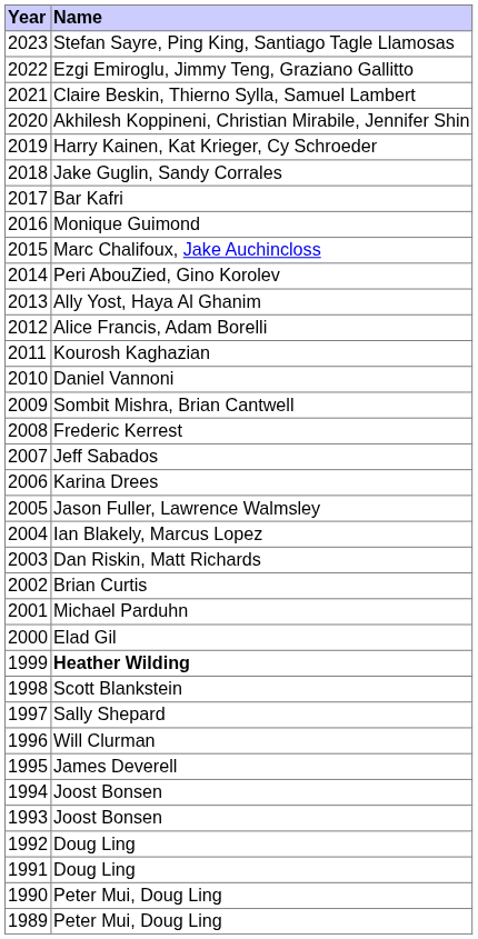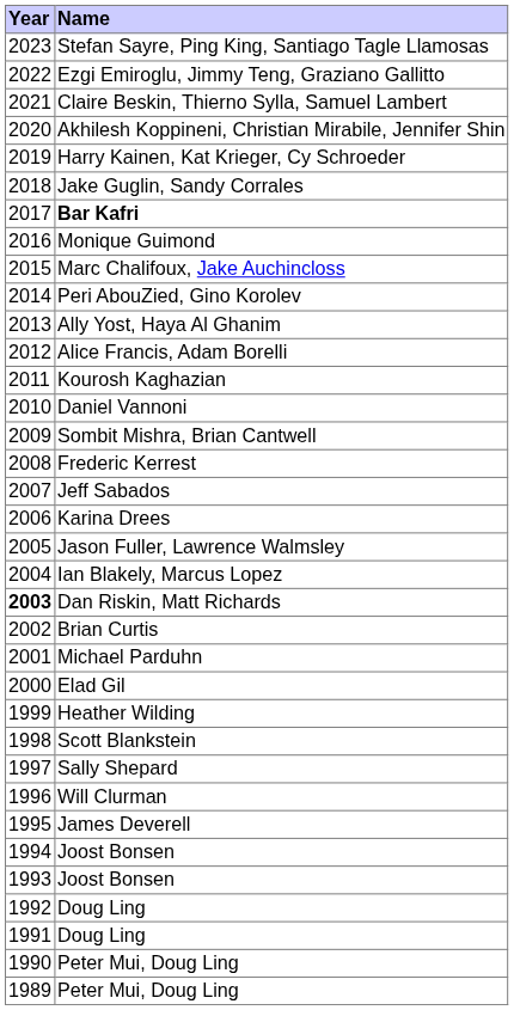 <table border=1 cellpadding=2 style="border-collapse: collapse;">
 <tr bgcolor="#ccccff">
 <td><strong>Year</strong></td>
 <td><strong>Name</strong></td>
 </tr>
 <tr>
 <td>2023</td>
 <td>Stefan Sayre, Ping King, Santiago Tagle Llamosas</td>
 </tr>
 <tr>
 <td>2022</td>
 <td>Ezgi Emiroglu, Jimmy Teng, Graziano Gallitto</td>
 </tr>
 <tr>
 <td>2021</td>
 <td>Claire Beskin, Thierno Sylla, Samuel Lambert</td>
 </tr>
 <tr>
 <td>2020</td>
 <td>Akhilesh Koppineni, Christian Mirabile, Jennifer Shin</td>
 </tr>
 <tr>
 <td>2019</td>
 <td>Harry Kainen, Kat Krieger, Cy Schroeder</td>
 </tr>
 <tr>
 <td>2018</td>
 <td>Jake Guglin, Sandy Corrales</td>
 </tr>
 <tr>
 <td>2017</td>
-<td>Bar Kafri</td>
+<td><strong>Bar Kafri</strong></td>
 </tr>
 <tr>
 <td>2016</td>
 <td>Monique Guimond</td>
 </tr>
 <tr>
 <td>2015</td>
 <td>Marc Chalifoux, <a href='#'>Jake Auchincloss</a></td>
 </tr>
 <tr>
 <td>2014</td>
 <td>Peri AbouZied, Gino Korolev</td>
 </tr>
 <tr>
 <td>2013</td>
 <td>Ally Yost, Haya Al Ghanim</td>
 </tr>
 <tr>
 <td>2012</td>
 <td>Alice Francis, Adam Borelli</td>
 </tr>
 <tr>
 <td>2011</td>
 <td>Kourosh Kaghazian</td>
 </tr>
 <tr>
 <td>2010</td>
 <td>Daniel Vannoni</td>
 </tr>
 <tr>
 <td>2009</td>
 <td>Sombit Mishra, Brian Cantwell</td>
 </tr>
 <tr>
 <td>2008</td>
 <td>Frederic Kerrest</td>
 </tr>
 <tr>
 <td>2007</td>
 <td>Jeff Sabados</td>
 </tr>
 <tr>
 <td>2006</td>
 <td>Karina Drees</td>
 </tr>
 <tr>
 <td>2005</td>
 <td>Jason Fuller, Lawrence Walmsley</td>
 </tr>
 <tr>
 <td>2004</td>
 <td>Ian Blakely, Marcus Lopez</td>
 </tr>
 <tr>
-<td>2003</td>
+<td><strong>2003</strong></td>
 <td>Dan Riskin, Matt Richards</td>
 </tr>
 <tr>
 <td>2002</td>
 <td>Brian Curtis</td>
 </tr>
 <tr>
 <td>2001</td>
 <td>Michael Parduhn</td>
 </tr>
 <tr>
 <td>2000</td>
 <td>Elad Gil</td>
 </tr>
 <tr>
 <td>1999</td>
-<td><strong>Heather Wilding</strong></td>
+<td>Heather Wilding</td>
 </tr>
 <tr>
 <td>1998</td>
 <td>Scott Blankstein</td>
 </tr>
 <tr>
 <td>1997</td>
 <td>Sally Shepard</td>
 </tr>
 <tr>
 <td>1996</td>
 <td>Will Clurman</td>
 </tr>
 <tr>
 <td>1995</td>
 <td>James Deverell</td>
 </tr>
 <tr>
 <td>1994</td>
 <td>Joost Bonsen</td>
 </tr>
 <tr>
 <td>1993</td>
 <td>Joost Bonsen</td>
 </tr>
 <tr>
 <td>1992</td>
 <td>Doug Ling</td>
 </tr>
 <tr>
 <td>1991</td>
 <td>Doug Ling</td>
 </tr>
 <tr>
 <td>1990</td>
 <td>Peter Mui, Doug Ling</td>
 </tr>
 <tr>
 <td>1989</td>
 <td>Peter Mui, Doug Ling</td>
 </tr>
 <tr>
 </tr>
 </table>
